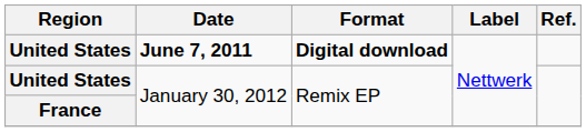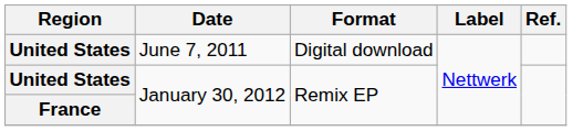 <table class="wikitable plainrowheaders">
 <tr>
 <th scope="col">Region</th>
 <th scope="col">Date</th>
 <th scope="col">Format</th>
 <th scope="col">Label</th>
 <th scope="col">Ref.</th>
 </tr>
 <tr>
 <th scope="row">United States</th>
-<td><strong>June 7, 2011</strong></td>
-<td><strong>Digital download</strong></td>
+<td>June 7, 2011</td>
+<td>Digital download</td>
 <td rowspan=3><a href='#'>Nettwerk</a></td>
 <td></td>
 </tr>
 <tr>
 <th scope="row">United States</th>
 <td rowspan="2">January 30, 2012</td>
 <td rowspan="2">Remix EP</td>
 <td rowspan="2"></td>
 </tr>
 <tr>
 <th scope="row">France</th>
 </tr>
 <tr>
 </tr>
 </table>
